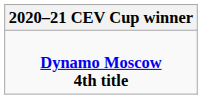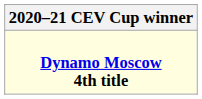 <table class="wikitable" style="text-align:center; margin:auto">
 <tr>
 <th>2020–21 CEV Cup winner</th>
 </tr>
 <tr>
-<td><br><strong> <a href='#'>Dynamo Moscow</a></strong><br> <strong>4th title</strong></td>
+<td style="background: lightyellow;"><br><strong> <a href='#'>Dynamo Moscow</a></strong><br> <strong>4th title</strong></td>
 </tr>
 </table>
